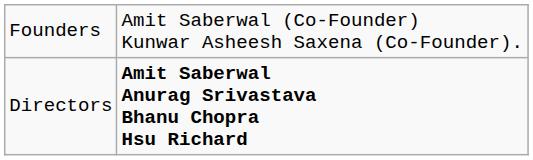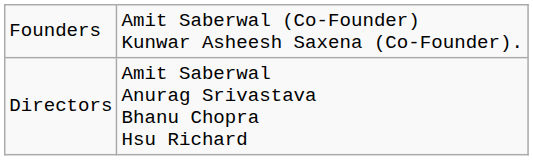 <table class="wikitable">
 <tr>
 <td>Founders</td>
 <td>Amit Saberwal (Co-Founder)<br>Kunwar Asheesh Saxena (Co-Founder).</td>
 </tr>
 <tr>
 <td>Directors</td>
-<td><strong>Amit Saberwal<br>Anurag Srivastava<br>Bhanu Chopra<br>Hsu Richard</strong></td>
+<td>Amit Saberwal<br>Anurag Srivastava<br>Bhanu Chopra<br>Hsu Richard</td>
 </tr>
 </table>
